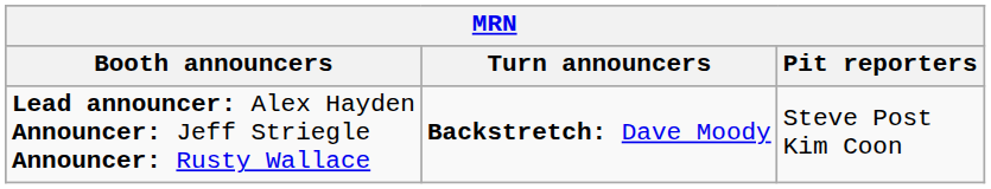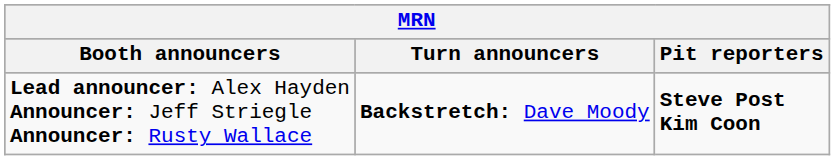 <table class="wikitable" style="font-size: 95%">
 <tr>
 <th colspan="3"><a href='#'>MRN</a></th>
 </tr>
 <tr>
 <th>Booth announcers</th>
 <th>Turn announcers</th>
 <th>Pit reporters</th>
 </tr>
 <tr>
 <td><strong>Lead announcer:</strong> Alex Hayden<br><strong>Announcer:</strong> Jeff Striegle<br><strong>Announcer:</strong> <a href='#'>Rusty Wallace</a></td>
 <td><strong>Backstretch:</strong> <a href='#'>Dave Moody</a></td>
-<td>Steve Post<br>Kim Coon</td>
+<td><strong>Steve Post<br>Kim Coon</strong></td>
 </tr>
 </table>
